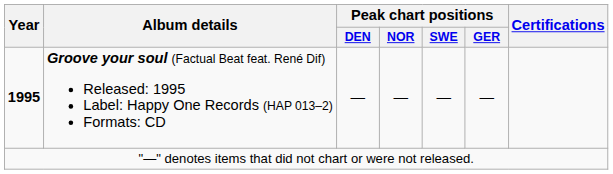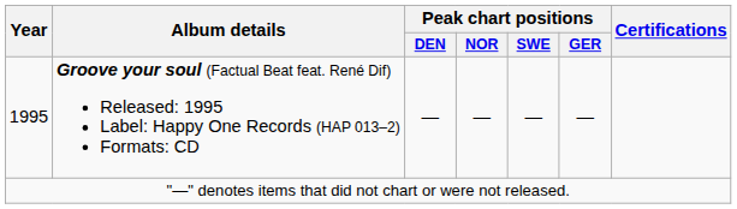 <table class="wikitable plainrowheaders" style="text-align:center;" border="1">
 <tr>
 <th scope="col" rowspan="2">Year</th>
 <th scope="col" rowspan="2">Album details</th>
 <th scope="col" colspan="4">Peak chart positions</th>
 <th scope="col" rowspan="2"><a href='#'>Certifications</a></th>
 </tr>
 <tr>
 <th scope="col" style="width:3em;font-size:85%;"><a href='#'>DEN</a><br></th>
 <th scope="col" style="width:3em;font-size:85%;"><a href='#'>NOR</a><br></th>
 <th scope="col" style="width:3em;font-size:85%;"><a href='#'>SWE</a><br></th>
 <th scope="col" style="width:3em;font-size:85%;"><a href='#'>GER</a><br></th>
 </tr>
 <tr>
-<td><strong>1995</strong></td>
+<td>1995</td>
 <td align="left"><strong><em>Groove your soul</em></strong> <small>(Factual Beat feat. René Dif)</small><br><ul><li>Released: 1995</li><li>Label: Happy One Records <small>(HAP 013–2)</small></li><li>Formats: CD</li></ul></td>
 <td>—</td>
 <td>—</td>
 <td>—</td>
 <td>—</td>
 <td></td>
 </tr>
 <tr>
 <td align="center" colspan="14" style="font-size:90%">"—" denotes items that did not chart or were not released.</td>
 </tr>
 </table>
